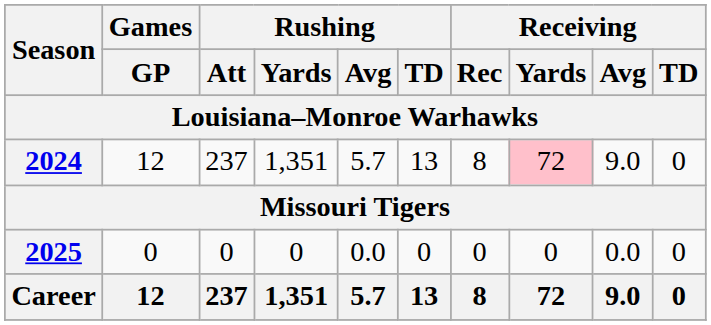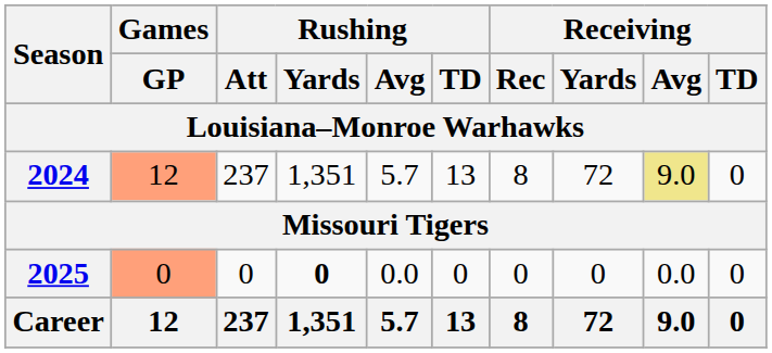 <table class="wikitable" style="text-align:center;">
 <tr>
 <th rowspan="2">Season</th>
 <th>Games</th>
 <th colspan="4">Rushing</th>
 <th colspan="4">Receiving</th>
 </tr>
 <tr>
 <th>GP</th>
 <th>Att</th>
 <th>Yards</th>
 <th>Avg</th>
 <th>TD</th>
 <th>Rec</th>
 <th>Yards</th>
 <th>Avg</th>
 <th>TD</th>
 </tr>
 <tr>
 <th colspan="12">Louisiana–Monroe Warhawks</th>
 </tr>
 <tr>
 <th><a href='#'>2024</a></th>
-<td>12</td>
+<td style="background: lightsalmon;">12</td>
 <td>237</td>
 <td>1,351</td>
 <td>5.7</td>
 <td>13</td>
 <td>8</td>
-<td style="background: pink;">72</td>
-<td>9.0</td>
+<td>72</td>
+<td style="background: khaki;">9.0</td>
 <td>0</td>
 </tr>
 <tr>
 <th colspan="12">Missouri Tigers</th>
 </tr>
 <tr>
 <th><a href='#'>2025</a></th>
+<td style="background: lightsalmon;">0</td>
 <td>0</td>
-<td>0</td>
-<td>0</td>
+<td><strong>0</strong></td>
 <td>0.0</td>
 <td>0</td>
 <td>0</td>
 <td>0</td>
 <td>0.0</td>
 <td>0</td>
 </tr>
 <tr>
 <th>Career</th>
 <th>12</th>
 <th>237</th>
 <th>1,351</th>
 <th>5.7</th>
 <th>13</th>
 <th>8</th>
 <th>72</th>
 <th>9.0</th>
 <th>0</th>
 </tr>
 </table>
